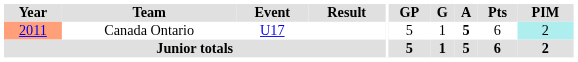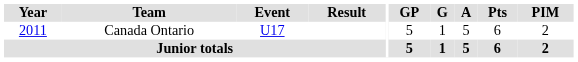 <table border="0" cellpadding="1" cellspacing="0" ID="Table3" style="text-align:center; width:40em">
 <tr bgcolor="#e0e0e0">
 <th>Year</th>
 <th>Team</th>
 <th>Event</th>
 <th>Result</th>
 <th rowspan="99" bgcolor="#ffffff"></th>
 <th>GP</th>
 <th>G</th>
 <th>A</th>
 <th>Pts</th>
 <th>PIM</th>
 </tr>
 <tr>
-<td style="background: lightsalmon;"><a href='#'>2011</a></td>
+<td><a href='#'>2011</a></td>
 <td>Canada Ontario</td>
 <td><a href='#'>U17</a></td>
 <td></td>
 <td>5</td>
 <td>1</td>
-<td><strong>5</strong></td>
+<td>5</td>
 <td>6</td>
-<td style="background: paleturquoise;">2</td>
+<td>2</td>
 </tr>
 <tr bgcolor="#e0e0e0">
 <th colspan="4">Junior totals</th>
 <th>5</th>
 <th>1</th>
 <th>5</th>
 <th>6</th>
 <th>2</th>
 </tr>
 </table>
